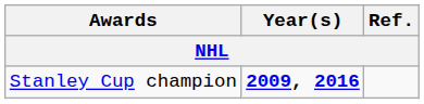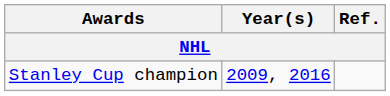 <table class="wikitable">
 <tr>
 <th>Awards</th>
 <th>Year(s)</th>
 <th>Ref.</th>
 </tr>
 <tr>
 <th colspan="3"><a href='#'>NHL</a></th>
 </tr>
 <tr>
 <td><a href='#'>Stanley Cup</a> champion</td>
-<td><strong><a href='#'>2009</a>, <a href='#'>2016</a></strong></td>
+<td><a href='#'>2009</a>, <a href='#'>2016</a></td>
 <td></td>
 </tr>
 </table>
